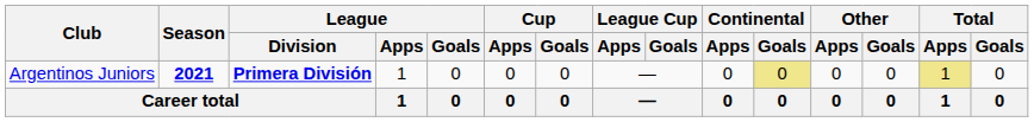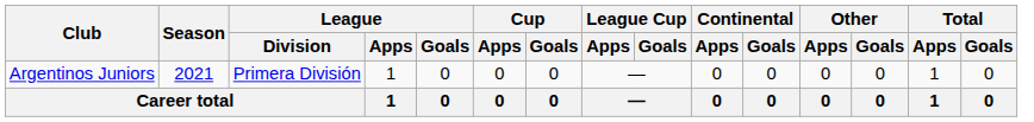 <table class="wikitable" style="text-align:center">
 <tr>
 <th rowspan="2">Club</th>
 <th rowspan="2">Season</th>
 <th colspan="3">League</th>
 <th colspan="2">Cup</th>
 <th colspan="2">League Cup</th>
 <th colspan="2">Continental</th>
 <th colspan="2">Other</th>
 <th colspan="2">Total</th>
 </tr>
 <tr>
 <th>Division</th>
 <th>Apps</th>
 <th>Goals</th>
 <th>Apps</th>
 <th>Goals</th>
 <th>Apps</th>
 <th>Goals</th>
 <th>Apps</th>
 <th>Goals</th>
 <th>Apps</th>
 <th>Goals</th>
 <th>Apps</th>
 <th>Goals</th>
 </tr>
 <tr>
 <td rowspan="1"><a href='#'>Argentinos Juniors</a></td>
-<td><strong><a href='#'>2021</a></strong></td>
-<td rowspan="1"><strong><a href='#'>Primera División</a></strong></td>
+<td><a href='#'>2021</a></td>
+<td rowspan="1"><a href='#'>Primera División</a></td>
 <td>1</td>
 <td>0</td>
 <td>0</td>
 <td>0</td>
 <td colspan="2">—</td>
 <td>0</td>
-<td style="background: khaki;">0</td>
 <td>0</td>
 <td>0</td>
-<td style="background: khaki;">1</td>
+<td>0</td>
+<td>1</td>
 <td>0</td>
 </tr>
 <tr>
 <th colspan="3">Career total</th>
 <th>1</th>
 <th>0</th>
 <th>0</th>
 <th>0</th>
 <th colspan="2">—</th>
 <th>0</th>
 <th>0</th>
 <th>0</th>
 <th>0</th>
 <th>1</th>
 <th>0</th>
 </tr>
 </table>
